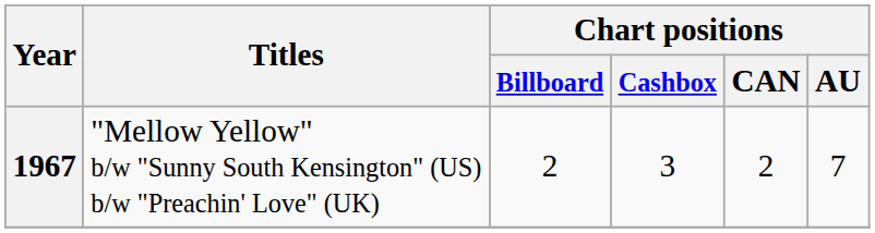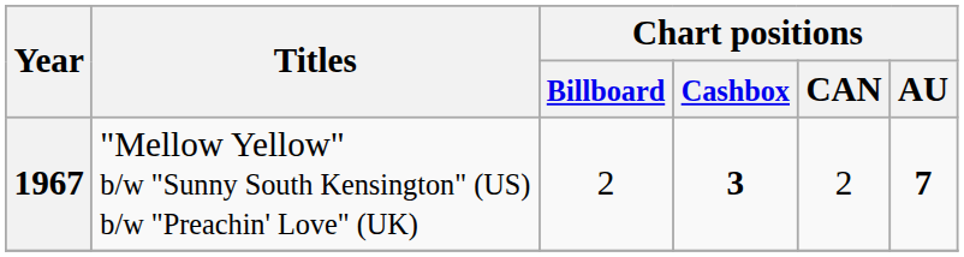 <table class="wikitable sortable">
 <tr>
 <th rowspan="2">Year</th>
 <th rowspan="2">Titles</th>
 <th colspan="4">Chart positions</th>
 </tr>
 <tr>
 <th><small><a href='#'>Billboard</a></small></th>
 <th><small><a href='#'>Cashbox</a></small></th>
 <th>CAN</th>
 <th>AU</th>
 </tr>
 <tr>
 <th>1967</th>
 <td>"Mellow Yellow"<br><small>b/w "Sunny South Kensington" (US)<br>b/w "Preachin' Love" (UK)</small></td>
 <td align=center>2</td>
-<td align=center>3</td>
+<td align=center><strong>3</strong></td>
 <td align=center>2</td>
-<td align=center>7</td>
+<td align=center><strong>7</strong></td>
 </tr>
 <tr>
 </tr>
 </table>
